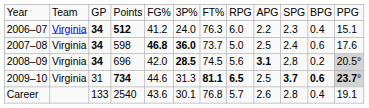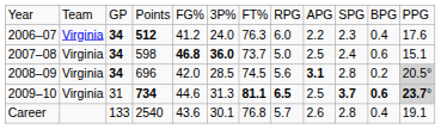 <table class="wikitable">
 <tr>
 <td>Year</td>
 <td>Team</td>
 <td>GP</td>
 <td>Points</td>
 <td>FG%</td>
 <td>3P%</td>
 <td>FT%</td>
 <td>RPG</td>
 <td>APG</td>
 <td>SPG</td>
 <td>BPG</td>
 <td>PPG</td>
 </tr>
 <tr>
 <td>2006–07</td>
 <td><a href='#'>Virginia</a></td>
 <td><strong>34</strong></td>
 <td><strong>512</strong></td>
 <td>41.2</td>
 <td>24.0</td>
 <td>76.3</td>
 <td>6.0</td>
 <td>2.2</td>
 <td>2.3</td>
 <td>0.4</td>
-<td>15.1</td>
+<td>17.6</td>
 </tr>
 <tr>
 <td>2007–08</td>
 <td>Virginia</td>
 <td><strong>34</strong></td>
 <td>598</td>
 <td><strong>46.8</strong></td>
 <td><strong>36.0</strong></td>
 <td>73.7</td>
 <td>5.0</td>
 <td>2.5</td>
 <td>2.4</td>
 <td>0.6</td>
-<td>17.6</td>
+<td>15.1</td>
 </tr>
 <tr>
 <td>2008–09</td>
 <td>Virginia</td>
 <td><strong>34</strong></td>
 <td>696</td>
 <td>42.0</td>
-<td><strong>28.5</strong></td>
+<td>28.5</td>
 <td>74.5</td>
 <td>5.6</td>
 <td><strong>3.1</strong></td>
 <td>2.8</td>
 <td>0.2</td>
 <td style="background:#D3D3D3">20.5°</td>
 </tr>
 <tr>
 <td>2009–10</td>
 <td>Virginia</td>
 <td>31</td>
 <td><strong>734</strong></td>
 <td>44.6</td>
 <td>31.3</td>
 <td><strong>81.1</strong></td>
 <td><strong>6.5</strong></td>
 <td>2.5</td>
 <td><strong>3.7</strong></td>
 <td><strong>0.6</strong></td>
 <td style="background:#D3D3D3"><strong>23.7</strong>°</td>
 </tr>
 <tr>
 <td>Career</td>
 <td></td>
 <td>133</td>
 <td>2540</td>
 <td>43.6</td>
 <td>30.1</td>
 <td>76.8</td>
 <td>5.7</td>
 <td>2.6</td>
 <td>2.8</td>
 <td>0.4</td>
 <td>19.1</td>
 </tr>
 </table>
